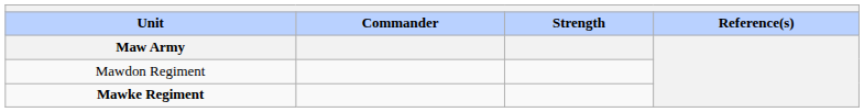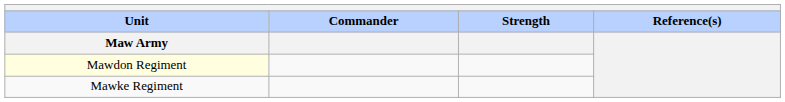 <table class="wikitable collapsible" style="min-width:60em; margin:0.3em auto; font-size:88%;">
 <tr>
 <th colspan=5></th>
 </tr>
 <tr>
 <th style="background-color:#B9D1FF">Unit</th>
 <th style="background-color:#B9D1FF">Commander</th>
 <th style="background-color:#B9D1FF">Strength</th>
 <th style="background-color:#B9D1FF">Reference(s)</th>
 </tr>
 <tr>
 <th colspan="1">Maw Army</th>
 <th colspan="1"></th>
 <th colspan="1"></th>
 <th rowspan="3"></th>
 </tr>
 <tr>
-<td align="center">Mawdon Regiment</td>
+<td align="center" style="background: lightyellow;">Mawdon Regiment</td>
 <td align="center"></td>
 <td align="center"></td>
 </tr>
 <tr>
-<td align="center"><strong>Mawke Regiment</strong></td>
+<td align="center">Mawke Regiment</td>
 <td align="center"></td>
 <td align="center"></td>
 </tr>
 </table>
